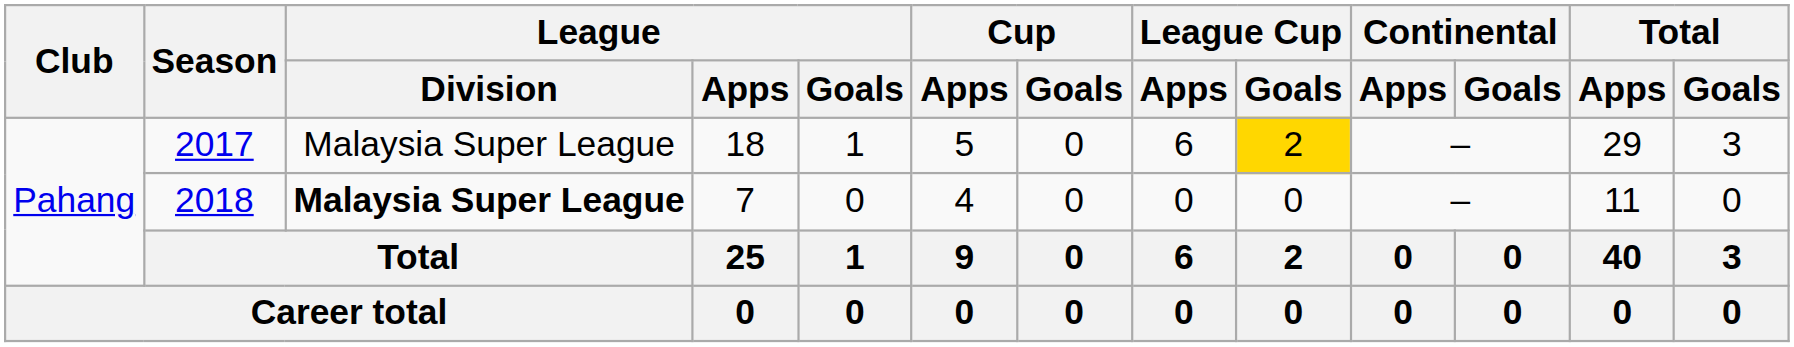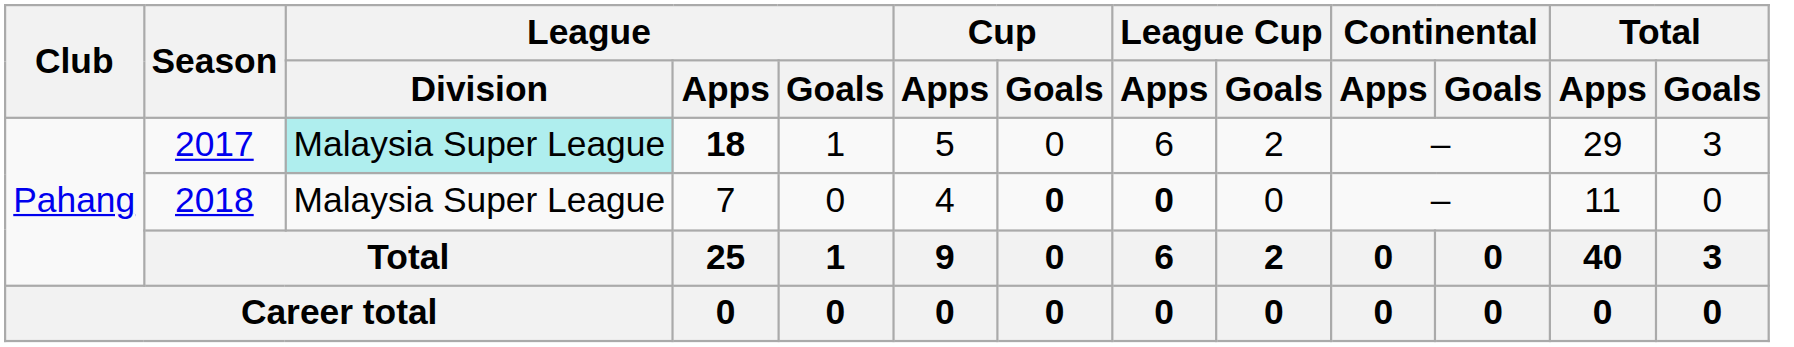 <table class=wikitable style="text-align: center">
 <tr>
 <th rowspan=2>Club</th>
 <th rowspan=2>Season</th>
 <th colspan=3>League</th>
 <th colspan=2>Cup</th>
 <th colspan=2>League Cup</th>
 <th colspan=2>Continental</th>
 <th colspan=2>Total</th>
 </tr>
 <tr>
 <th>Division</th>
 <th>Apps</th>
 <th>Goals</th>
 <th>Apps</th>
 <th>Goals</th>
 <th>Apps</th>
 <th>Goals</th>
 <th>Apps</th>
 <th>Goals</th>
 <th>Apps</th>
 <th>Goals</th>
 </tr>
 <tr>
 <td rowspan="3"><a href='#'>Pahang</a></td>
 <td><a href='#'>2017</a></td>
-<td>Malaysia Super League</td>
-<td>18</td>
+<td style="background: paleturquoise;">Malaysia Super League</td>
+<td><strong>18</strong></td>
 <td>1</td>
 <td>5</td>
 <td>0</td>
 <td>6</td>
-<td style="background: gold;">2</td>
+<td>2</td>
 <td colspan=2>–</td>
 <td>29</td>
 <td>3</td>
 </tr>
 <tr>
 <td><a href='#'>2018</a></td>
-<td><strong>Malaysia Super League</strong></td>
+<td>Malaysia Super League</td>
 <td>7</td>
 <td>0</td>
 <td>4</td>
-<td>0</td>
-<td>0</td>
+<td><strong>0</strong></td>
+<td><strong>0</strong></td>
 <td>0</td>
 <td colspan=2>–</td>
 <td>11</td>
 <td>0</td>
 </tr>
 <tr>
 <th colspan=2>Total</th>
 <th>25</th>
 <th>1</th>
 <th>9</th>
 <th>0</th>
 <th>6</th>
 <th>2</th>
 <th>0</th>
 <th>0</th>
 <th>40</th>
 <th>3</th>
 </tr>
 <tr>
 <th colspan=3>Career total</th>
 <th>0</th>
 <th>0</th>
 <th>0</th>
 <th>0</th>
 <th>0</th>
 <th>0</th>
 <th>0</th>
 <th>0</th>
 <th>0</th>
 <th>0</th>
 </tr>
 </table>
